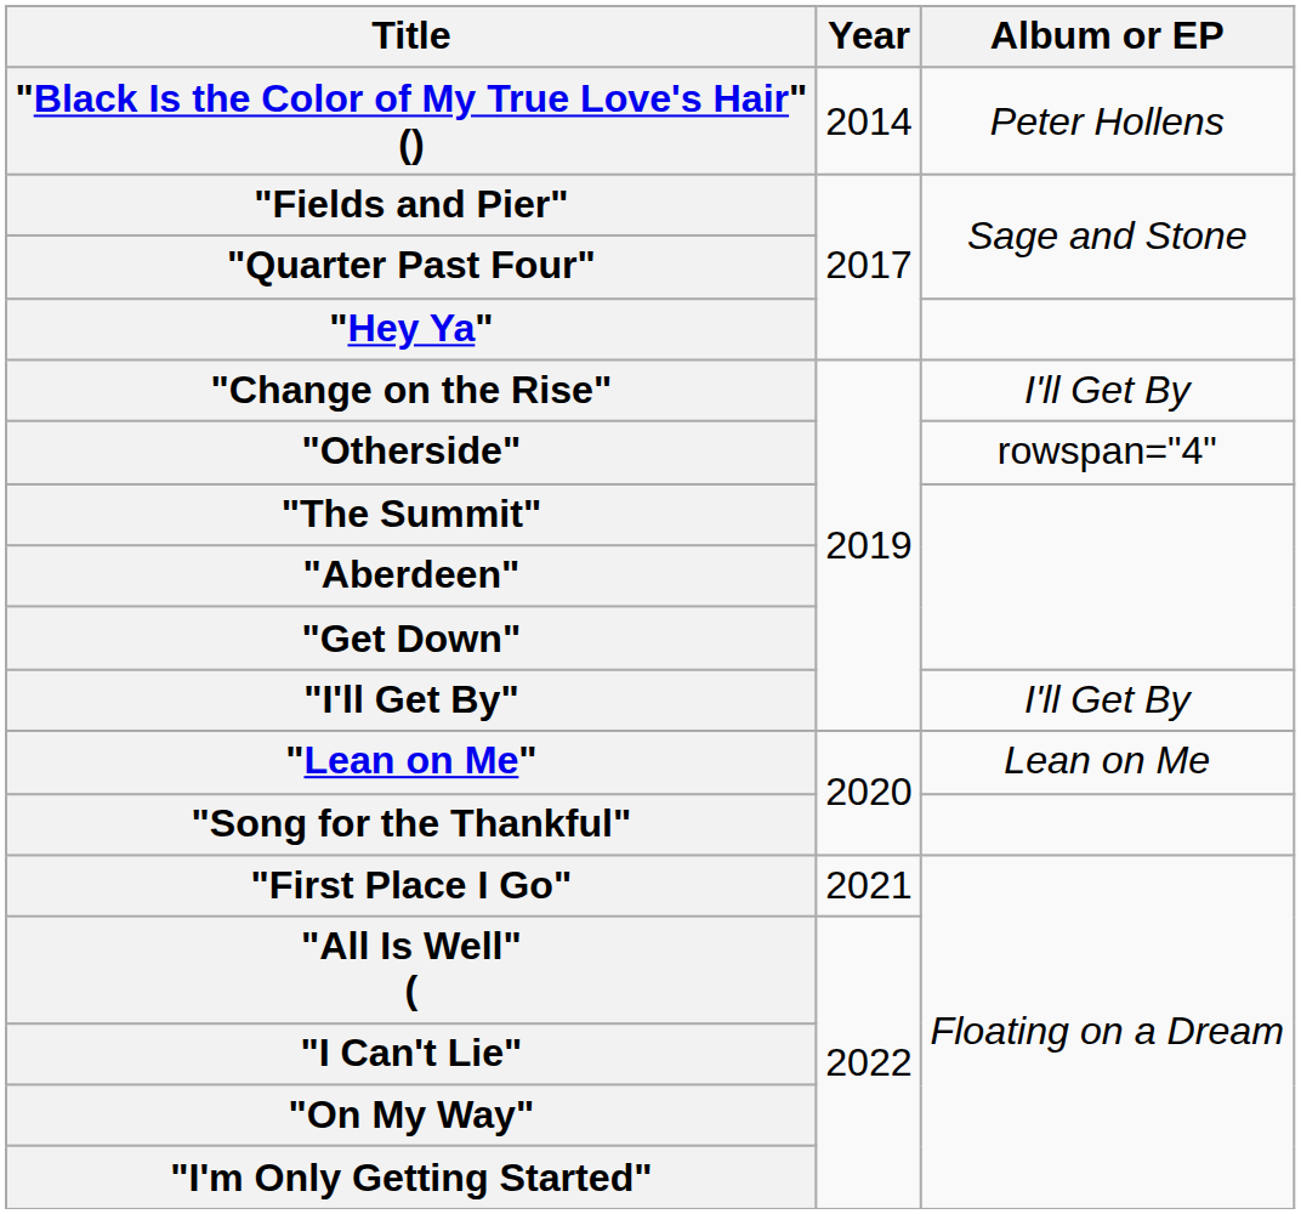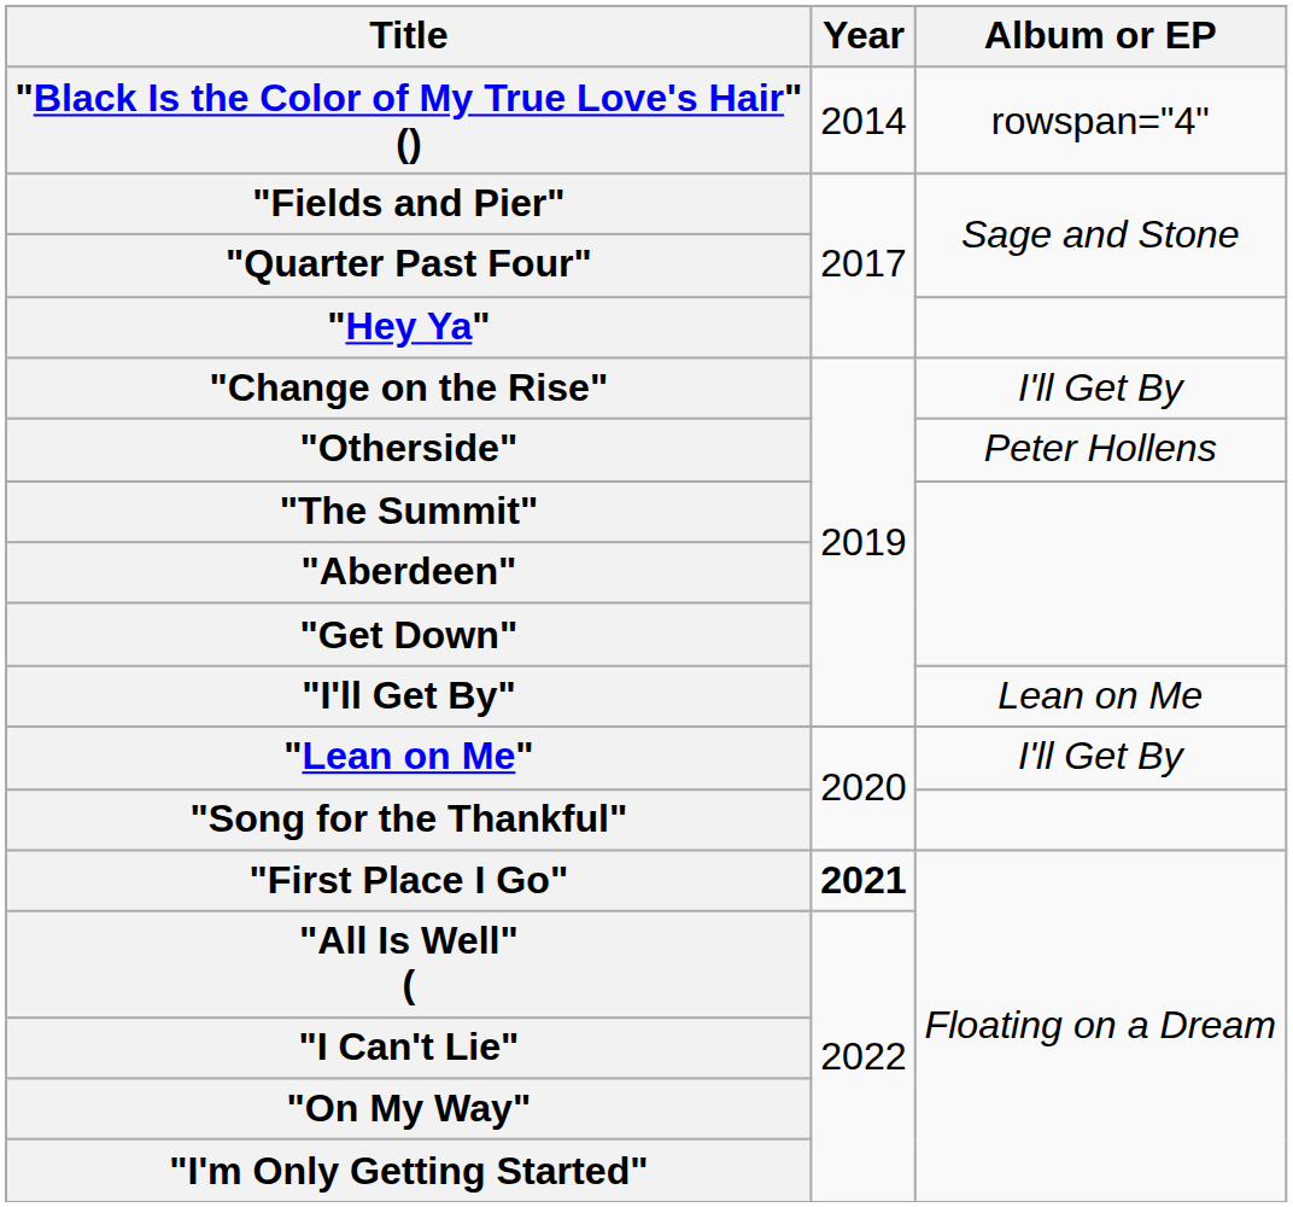 <table class="wikitable plainrowheaders" style="text-align:center;">
 <tr>
 <th scope="col">Title</th>
 <th scope="col">Year</th>
 <th scope="col">Album or EP</th>
 </tr>
 <tr>
 <th scope="row">"<a href='#'>Black Is the Color of My True Love's Hair</a>"<br>()</th>
 <td>2014</td>
-<td><em>Peter Hollens</em></td>
+<td>rowspan="4" </td>
 </tr>
 <tr>
 <th scope="row">"Fields and Pier"<br></th>
 <td rowspan="3">2017</td>
 <td rowspan="2"><em>Sage and Stone</em></td>
 </tr>
 <tr>
 <th scope="row">"Quarter Past Four"<br></th>
 </tr>
 <tr>
 <th scope="row">"<a href='#'>Hey Ya</a>"<br></th>
 <td></td>
 </tr>
 <tr>
 <th scope="row">"Change on the Rise"</th>
 <td rowspan="6">2019</td>
 <td><em>I'll Get By</em></td>
 </tr>
 <tr>
 <th scope="row">"Otherside"</th>
-<td>rowspan="4" </td>
+<td><em>Peter Hollens</em></td>
 </tr>
 <tr>
 <th scope="row">"The Summit"</th>
 </tr>
 <tr>
 <th scope="row">"Aberdeen"</th>
 </tr>
 <tr>
 <th scope="row">"Get Down"</th>
 </tr>
 <tr>
 <th scope="row">"I'll Get By"</th>
-<td><em>I'll Get By</em></td>
+<td><em>Lean on Me</em></td>
 </tr>
 <tr>
 <th scope="row">"<a href='#'>Lean on Me</a>"</th>
 <td rowspan="2">2020</td>
-<td><em>Lean on Me</em></td>
+<td><em>I'll Get By</em></td>
 </tr>
 <tr>
 <th scope="row">"Song for the Thankful"</th>
 <td></td>
 </tr>
 <tr>
 <th scope="row">"First Place I Go"</th>
-<td>2021</td>
+<td><strong>2021</strong></td>
 <td rowspan="5"><em>Floating on a Dream</em></td>
 </tr>
 <tr>
 <th scope="row">"All Is Well"<br>(</th>
 <td rowspan="4">2022</td>
 </tr>
 <tr>
 <th scope="row">"I Can't Lie"</th>
 </tr>
 <tr>
 <th scope="row">"On My Way"</th>
 </tr>
 <tr>
 <th scope="row">"I'm Only Getting Started"</th>
 </tr>
 </table>
